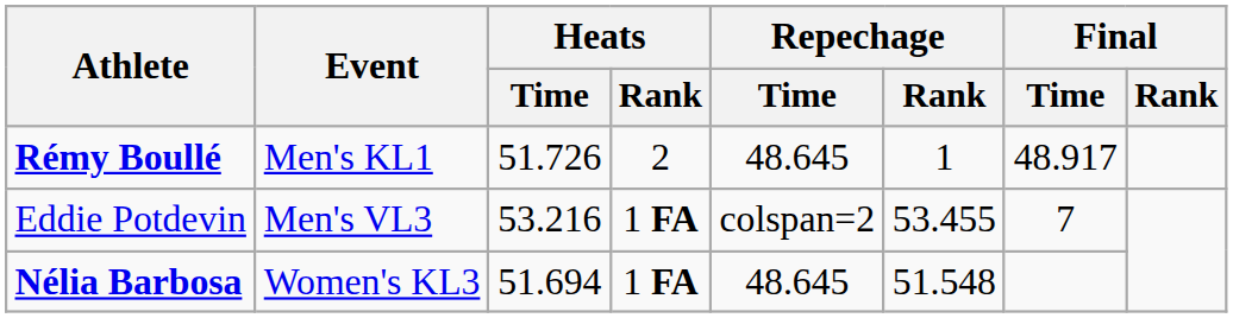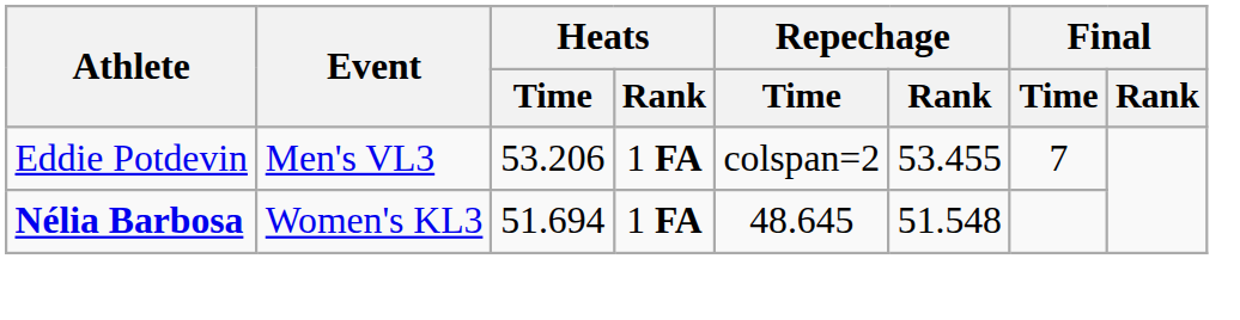 <table class="wikitable" style="font-size:90%">
 <tr>
 <th rowspan=2>Athlete</th>
 <th rowspan=2>Event</th>
 <th colspan=2>Heats</th>
 <th colspan=2>Repechage</th>
 <th colspan=2>Final</th>
 </tr>
 <tr style="font-size:95%">
 <th>Time</th>
 <th>Rank</th>
 <th>Time</th>
 <th>Rank</th>
 <th>Time</th>
 <th>Rank</th>
 </tr>
 <tr align=center>
-<td align=left><strong><a href='#'>Rémy Boullé</a></strong></td>
-<td align=left><a href='#'>Men's KL1</a></td>
-<td>51.726</td>
-<td>2</td>
-<td>48.645</td>
-<td>1</td>
-<td>48.917</td>
-<td></td>
-</tr>
-<tr align=center>
 <td align=left><a href='#'>Eddie Potdevin</a></td>
 <td align=left><a href='#'>Men's VL3</a></td>
-<td>53.216</td>
+<td>53.206</td>
 <td>1 <strong>FA</strong></td>
 <td>colspan=2 </td>
 <td>53.455</td>
 <td>7</td>
 </tr>
 <tr align=center>
 <td align=left><strong><a href='#'>Nélia Barbosa</a></strong></td>
 <td align=left><a href='#'>Women's KL3</a></td>
 <td>51.694</td>
 <td>1 <strong>FA</strong></td>
 <td>48.645</td>
 <td>51.548</td>
 <td></td>
 </tr>
 </table>
